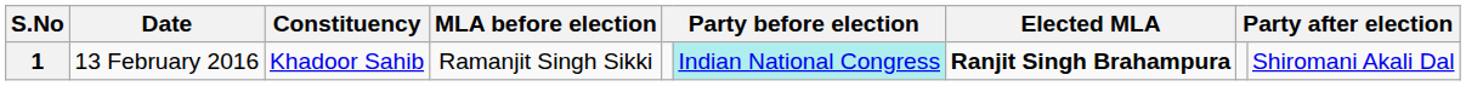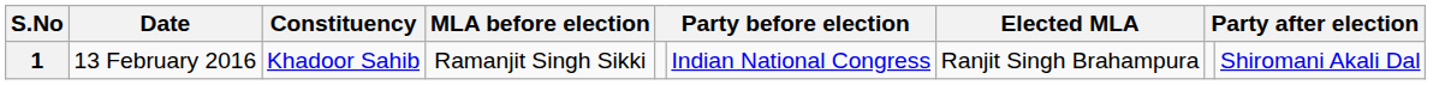 <table class="wikitable sortable" style="text-align:center;">
 <tr>
 <th>S.No</th>
 <th>Date</th>
 <th>Constituency</th>
 <th>MLA before election</th>
 <th colspan="2">Party before election</th>
 <th>Elected MLA</th>
 <th colspan="2">Party after election</th>
 </tr>
 <tr>
 <th>1</th>
 <td>13 February 2016</td>
 <td><a href='#'>Khadoor Sahib</a></td>
 <td>Ramanjit Singh Sikki</td>
 <td></td>
-<td style="background: paleturquoise;"><a href='#'>Indian National Congress</a></td>
-<td><strong>Ranjit Singh Brahampura</strong></td>
+<td><a href='#'>Indian National Congress</a></td>
+<td>Ranjit Singh Brahampura</td>
 <td></td>
 <td><a href='#'>Shiromani Akali Dal</a></td>
 </tr>
 </table>
